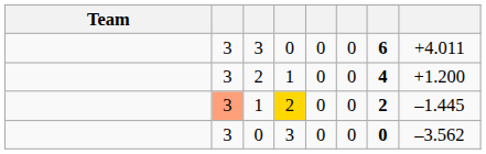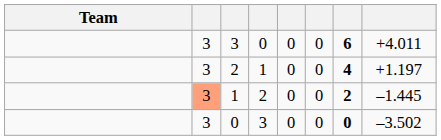 <table class="wikitable" style="text-align:center">
 <tr>
 <th style="width:175px;">Team</th>
 <th style="width:20px;"></th>
 <th style="width:20px;"></th>
 <th style="width:20px;"></th>
 <th style="width:20px;"></th>
 <th style="width:20px;"></th>
 <th style="width:20px;"></th>
 <th style="width:65px;"></th>
 </tr>
 <tr>
 <td style="text-align:left"></td>
 <td>3</td>
 <td>3</td>
 <td>0</td>
 <td>0</td>
 <td>0</td>
 <td><strong>6</strong></td>
 <td>+4.011</td>
 </tr>
 <tr>
 <td style="text-align:left"></td>
 <td>3</td>
 <td>2</td>
 <td>1</td>
 <td>0</td>
 <td>0</td>
 <td><strong>4</strong></td>
-<td>+1.200</td>
+<td>+1.197</td>
 </tr>
 <tr>
 <td style="text-align:left"></td>
 <td style="background: lightsalmon;">3</td>
 <td>1</td>
-<td style="background: gold;">2</td>
+<td>2</td>
 <td>0</td>
 <td>0</td>
 <td><strong>2</strong></td>
 <td>–1.445</td>
 </tr>
 <tr>
 <td style="text-align:left"></td>
 <td>3</td>
 <td>0</td>
 <td>3</td>
 <td>0</td>
 <td>0</td>
 <td><strong>0</strong></td>
-<td>–3.562</td>
+<td>–3.502</td>
 </tr>
 </table>
